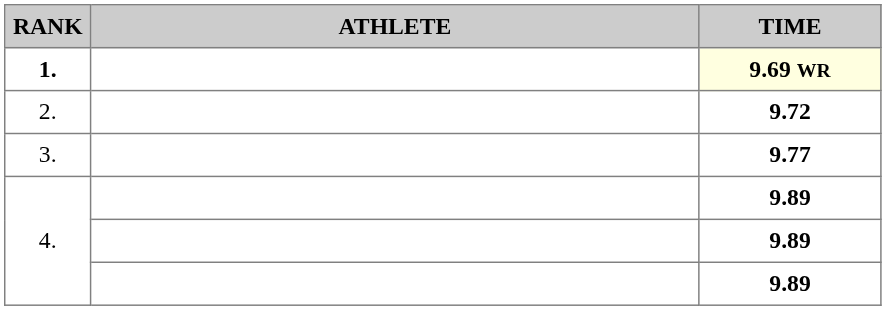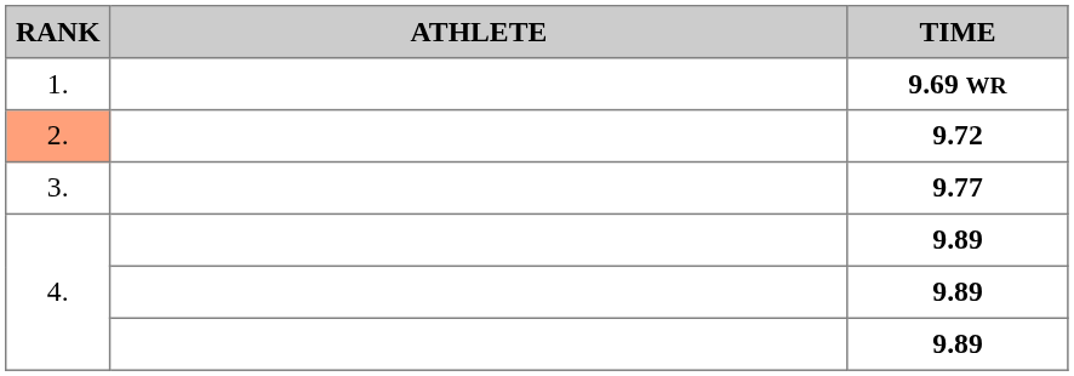 <table border="1" cellspacing="2" cellpadding="5" style="border-collapse: collapse; font-size: 100%;">
 <tr bgcolor="cccccc">
 <th>RANK</th>
 <th align="center" style="width: 25em">ATHLETE</th>
 <th align="center" style="width: 7em">TIME</th>
 </tr>
 <tr>
-<td align="center"><strong>1.</strong></td>
+<td align="center">1.</td>
 <td></td>
-<td align="center" style="background: lightyellow;"><strong>9.69</strong> <small><strong>WR</strong></small></td>
+<td align="center"><strong>9.69</strong> <small><strong>WR</strong></small></td>
 </tr>
 <tr>
-<td align="center">2.</td>
+<td align="center" style="background: lightsalmon;">2.</td>
 <td></td>
 <td align="center"><strong>9.72</strong></td>
 </tr>
 <tr>
 <td align="center">3.</td>
 <td></td>
 <td align="center"><strong>9.77</strong></td>
 </tr>
 <tr>
 <td rowspan=3 align="center">4.</td>
 <td></td>
 <td align="center"><strong>9.89</strong></td>
 </tr>
 <tr>
 <td></td>
 <td align="center"><strong>9.89</strong></td>
 </tr>
 <tr>
 <td></td>
 <td align="center"><strong>9.89</strong></td>
 </tr>
 </table>
